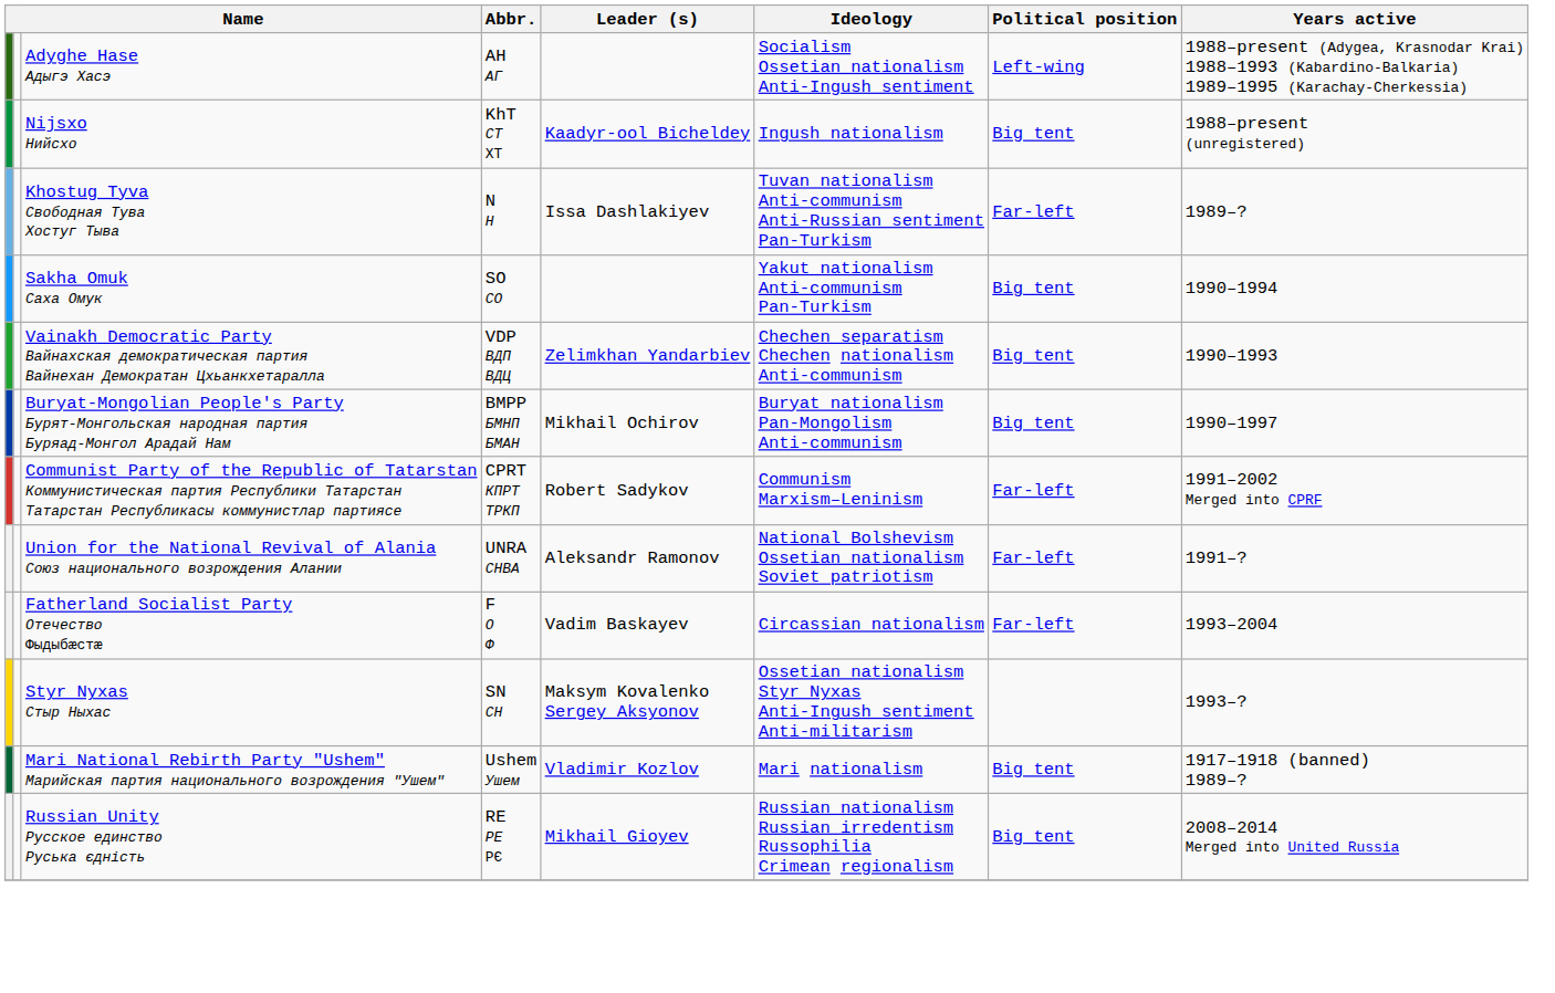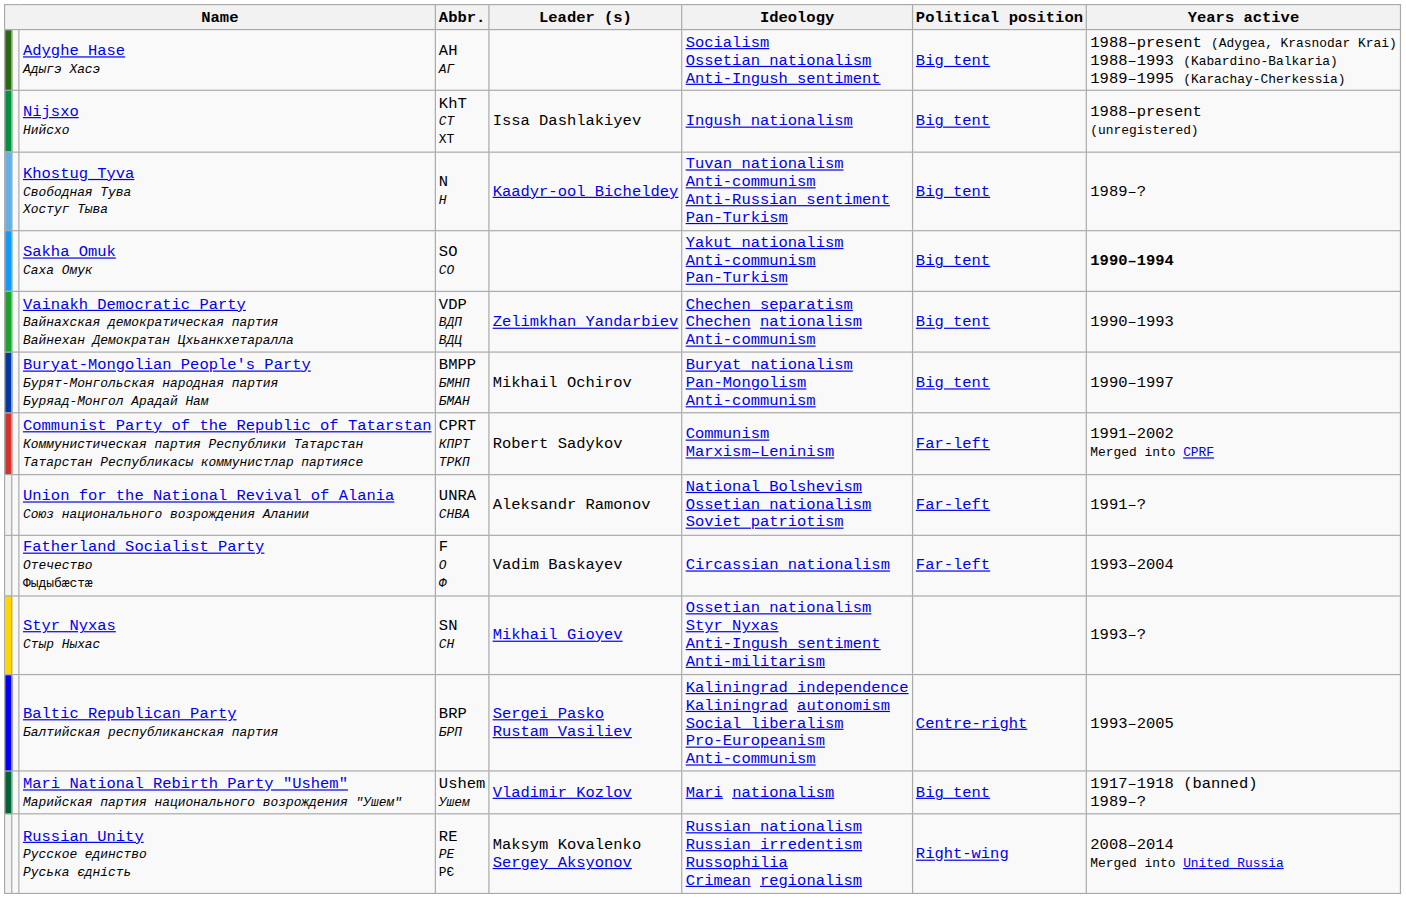 <table class="wikitable sortable">
 <tr>
 <th colspan=3>Name</th>
 <th>Abbr.</th>
 <th>Leader (s)</th>
 <th>Ideology</th>
 <th>Political position</th>
 <th>Years active</th>
 </tr>
 <tr>
 <th style="background:#296912;"></th>
 <td></td>
 <td><a href='#'>Adyghe Hase</a><br><small><em>Адыгэ Хасэ</em></small></td>
 <td>AH<br><small><em>АГ</em></small></td>
 <td></td>
 <td><a href='#'>Socialism</a><br><a href='#'>Ossetian nationalism</a><br><a href='#'>Anti-Ingush sentiment</a></td>
-<td><a href='#'>Left-wing</a></td>
+<td><a href='#'>Big tent</a></td>
 <td>1988–present <small>(Adygea, Krasnodar Krai)</small><br>1988–1993 <small>(Kabardino-Balkaria)</small><br>1989–1995 <small>(Karachay-Cherkessia)</small></td>
 </tr>
 <tr>
 <th style="background:#00923F;"></th>
 <td></td>
 <td><a href='#'>Nijsxo</a><br><small><em>Нийсхо</em></small></td>
 <td>KhT<br><small><em>СТ</em><br>ХТ</small></td>
-<td><a href='#'>Kaadyr-ool Bicheldey</a></td>
+<td>Issa Dashlakiyev</td>
 <td><a href='#'>Ingush nationalism</a></td>
 <td><a href='#'>Big tent</a></td>
 <td>1988–present<br><small>(unregistered)</small></td>
 </tr>
 <tr>
 <th style="background:#63B1E5;"></th>
 <td></td>
 <td><a href='#'>Khostug Tyva</a><br><small><em>Свободная Тува<br>Хостуг Тыва</em></small></td>
 <td>N<br><small><em>Н</em></small></td>
-<td>Issa Dashlakiyev</td>
+<td><a href='#'>Kaadyr-ool Bicheldey</a></td>
 <td><a href='#'>Tuvan nationalism</a><br><a href='#'>Anti-communism</a><br><a href='#'>Anti-Russian sentiment</a><br><a href='#'>Pan-Turkism</a></td>
-<td><a href='#'>Far-left</a></td>
+<td><a href='#'>Big tent</a></td>
 <td>1989–?</td>
 </tr>
 <tr>
 <th style="background:#1199FF;"></th>
 <td></td>
 <td><a href='#'>Sakha Omuk</a><br><small><em>Саха Омук</em></small></td>
 <td>SO<br><small><em>СО</em></small></td>
 <td></td>
 <td><a href='#'>Yakut nationalism</a><br><a href='#'>Anti-communism</a><br><a href='#'>Pan-Turkism</a></td>
 <td><a href='#'>Big tent</a></td>
-<td>1990–1994</td>
+<td><strong>1990–1994</strong></td>
 </tr>
 <tr>
 <th style="background:#1BA32D;"></th>
 <td></td>
 <td><a href='#'>Vainakh Democratic Party</a><br><small><em>Вайнахская демократическая партия<br>Вайнехан Демократан Цхьанкхетаралла</em></small></td>
 <td>VDP<br><small><em>ВДП<br>ВДЦ</em></small></td>
 <td><a href='#'>Zelimkhan Yandarbiev</a></td>
 <td><a href='#'>Chechen separatism</a><br><a href='#'>Chechen</a> <a href='#'>nationalism</a><br><a href='#'>Anti-communism</a></td>
 <td><a href='#'>Big tent</a></td>
 <td>1990–1993</td>
 </tr>
 <tr>
 <th style="background:#0039A6;"></th>
 <td></td>
 <td><a href='#'>Buryat-Mongolian People's Party</a><br><small><em>Бурят-Монгольская народная партия<br>Буряад-Монгол Арадай Нам</em></small></td>
 <td>BMPP<br><small><em>БМНП<br>БМАН</em></small></td>
 <td>Mikhail Ochirov</td>
 <td><a href='#'>Buryat nationalism</a><br><a href='#'>Pan-Mongolism</a><br><a href='#'>Anti-communism</a></td>
 <td><a href='#'>Big tent</a></td>
 <td>1990–1997</td>
 </tr>
 <tr>
 <th style="background:#D4322C;"></th>
 <td></td>
 <td><a href='#'>Communist Party of the Republic of Tatarstan</a><br><small><em>Коммунистическая партия Республики Татарстан<br>Татарстан Республикасы коммунистлар партиясе</em></small></td>
 <td>CPRT<br><small><em>КПРТ<br>ТРКП</em></small></td>
 <td>Robert Sadykov<br></td>
 <td><a href='#'>Communism</a><br><a href='#'>Marxism–Leninism</a></td>
 <td><a href='#'>Far-left</a></td>
 <td>1991–2002<br><small>Merged into <a href='#'>CPRF</a></small></td>
 </tr>
 <tr>
 <th style="background:"></th>
 <td></td>
 <td><a href='#'>Union for the National Revival of Alania</a><br><small><em>Союз национального возрождения Алании</em></small></td>
 <td>UNRA<br><small><em>СНВА</em></small></td>
 <td>Aleksandr Ramonov</td>
 <td><a href='#'>National Bolshevism</a><br><a href='#'>Ossetian nationalism</a><br><a href='#'>Soviet patriotism</a></td>
 <td><a href='#'>Far-left</a></td>
 <td>1991–?</td>
 </tr>
 <tr>
 <th style="background:"></th>
 <td></td>
 <td><a href='#'>Fatherland Socialist Party</a><br><small><em>Отечество</em></small><br><small>Фыдыбӕстӕ</small></td>
 <td>F<br><small><em>О</em></small><br><small><em>Ф</em></small></td>
 <td>Vadim Baskayev</td>
 <td><a href='#'>Circassian nationalism</a></td>
 <td><a href='#'>Far-left</a></td>
 <td>1993–2004</td>
 </tr>
 <tr>
 <th style="background:#FFD700;"></th>
 <td></td>
 <td><a href='#'>Styr Nyxas</a><br><small><em>Стыр Ныхас</em></small></td>
 <td>SN<br><small><em>СН</em></small></td>
-<td>Maksym Kovalenko <br><a href='#'>Sergey Aksyonov</a></td>
+<td><a href='#'>Mikhail Gioyev</a></td>
 <td><a href='#'>Ossetian nationalism</a><br><a href='#'>Styr Nyxas</a><br><a href='#'>Anti-Ingush sentiment</a><br><a href='#'>Anti-militarism</a></td>
 <td></td>
 <td>1993–?</td>
+</tr>
+<tr>
+<th style="background:#0000FC;"></th>
+<td></td>
+<td><a href='#'>Baltic Republican Party</a><br><small><em>Балтийская республиканская партия</em></small></td>
+<td>BRP<br><small><em>БРП</em></small></td>
+<td><a href='#'>Sergei Pasko</a><br><a href='#'>Rustam Vasiliev</a></td>
+<td><a href='#'>Kaliningrad independence</a><br><a href='#'>Kaliningrad</a> <a href='#'>autonomism</a><br><a href='#'>Social liberalism</a><br><a href='#'>Pro-Europeanism</a><br><a href='#'>Anti-communism</a></td>
+<td><a href='#'>Centre-right</a></td>
+<td>1993–2005</td>
 </tr>
 <tr>
 <th style="background:#006435;"></th>
 <td></td>
 <td><a href='#'>Mari National Rebirth Party "Ushem"</a><br><small><em>Марийская партия национального возрождения "Ушем"</em></small></td>
 <td>Ushem<br><small><em>Ушем</em></small></td>
 <td><a href='#'>Vladimir Kozlov</a></td>
 <td><a href='#'>Mari</a> <a href='#'>nationalism</a></td>
 <td><a href='#'>Big tent</a></td>
 <td>1917–1918 (banned)<br>1989–?</td>
 </tr>
 <tr>
 <th style="background:"></th>
 <td></td>
 <td><a href='#'>Russian Unity</a><br><small><em>Русское единство<br>Руська єдність</em></small></td>
 <td>RE<br><small><em>РЕ</em><br>РЄ</small></td>
-<td><a href='#'>Mikhail Gioyev</a></td>
+<td>Maksym Kovalenko <br><a href='#'>Sergey Aksyonov</a></td>
 <td><a href='#'>Russian nationalism</a><br><a href='#'>Russian irredentism</a><br><a href='#'>Russophilia</a><br><a href='#'>Crimean</a> <a href='#'>regionalism</a></td>
-<td><a href='#'>Big tent</a></td>
+<td><a href='#'>Right-wing</a></td>
 <td>2008–2014<br><small>Merged into <a href='#'>United Russia</a></small></td>
 </tr>
 <tr>
 </tr>
 </table>
